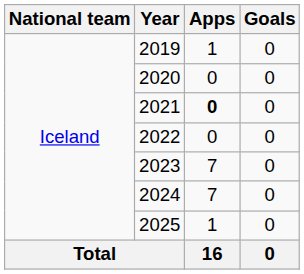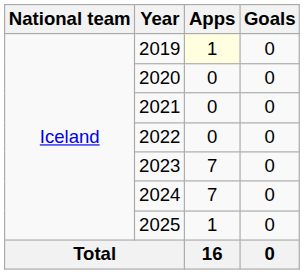 <table class="wikitable" style="text-align:center">
 <tr>
 <th>National team</th>
 <th>Year</th>
 <th>Apps</th>
 <th>Goals</th>
 </tr>
 <tr>
 <td rowspan="7"><a href='#'>Iceland</a></td>
 <td>2019</td>
-<td>1</td>
+<td style="background: lightyellow;">1</td>
 <td>0</td>
 </tr>
 <tr>
 <td>2020</td>
 <td>0</td>
 <td>0</td>
 </tr>
 <tr>
 <td>2021</td>
-<td><strong>0</strong></td>
+<td>0</td>
 <td>0</td>
 </tr>
 <tr>
 <td>2022</td>
 <td>0</td>
 <td>0</td>
 </tr>
 <tr>
 <td>2023</td>
 <td>7</td>
 <td>0</td>
 </tr>
 <tr>
 <td>2024</td>
 <td>7</td>
 <td>0</td>
 </tr>
 <tr>
 <td>2025</td>
 <td>1</td>
 <td>0</td>
 </tr>
 <tr>
 <th colspan="2">Total</th>
 <th>16</th>
 <th>0</th>
 </tr>
 </table>
